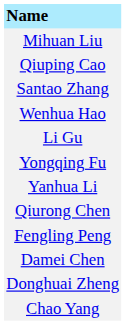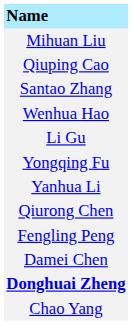 <table border=0 cellpadding=2 cellspacing=0  |- bgcolor=#F2F2F2 style="text-align:center; font-size:90%;">
 <tr bgcolor=#ADEBFD>
 <th align=left>Name</th>
 </tr>
 <tr>
 <td><a href='#'>Mihuan Liu</a></td>
 </tr>
 <tr>
 <td><a href='#'>Qiuping Cao</a></td>
 </tr>
 <tr>
 <td><a href='#'>Santao Zhang</a></td>
 </tr>
 <tr>
 <td><a href='#'>Wenhua Hao</a></td>
 </tr>
 <tr>
 <td><a href='#'>Li Gu</a></td>
 </tr>
 <tr>
 <td><a href='#'>Yongqing Fu</a></td>
 </tr>
 <tr>
 <td><a href='#'>Yanhua Li</a></td>
 </tr>
 <tr>
 <td><a href='#'>Qiurong Chen</a></td>
 </tr>
 <tr>
 <td><a href='#'>Fengling Peng</a></td>
 </tr>
 <tr>
 <td><a href='#'>Damei Chen</a></td>
 </tr>
 <tr>
-<td><a href='#'>Donghuai Zheng</a></td>
+<td><strong><a href='#'>Donghuai Zheng</a></strong></td>
 </tr>
 <tr>
 <td><a href='#'>Chao Yang</a></td>
 </tr>
 </table>
